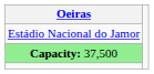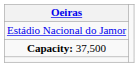 <table class="wikitable" style="text-align:center">
 <tr>
 <th><a href='#'>Oeiras</a></th>
 <td rowspan="4"></td>
 </tr>
 <tr>
 <td><a href='#'>Estádio Nacional do Jamor</a></td>
 </tr>
 <tr>
-<td style="background: lightgreen;"><strong>Capacity:</strong> 37,500</td>
+<td><strong>Capacity:</strong> 37,500</td>
 </tr>
 <tr>
 <td></td>
 </tr>
 </table>
